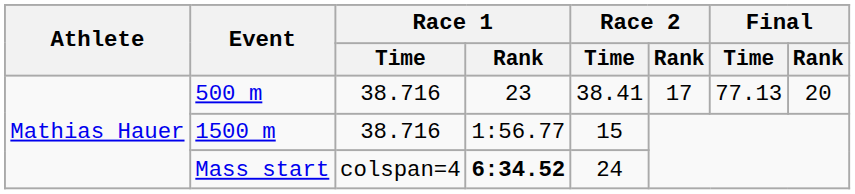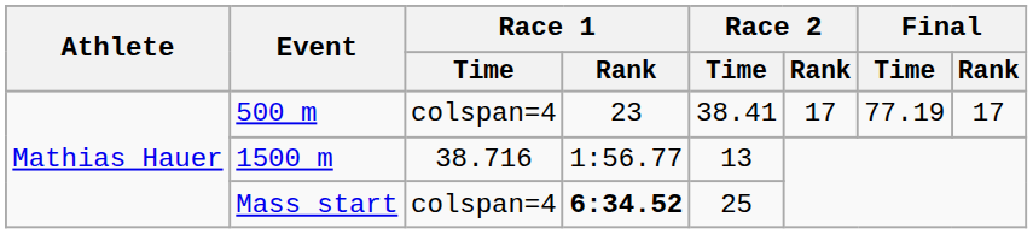 <table class="wikitable" style="font-size:90%">
 <tr>
 <th rowspan=2>Athlete</th>
 <th rowspan=2>Event</th>
 <th colspan=2>Race 1</th>
 <th colspan=2>Race 2</th>
 <th colspan=2>Final</th>
 </tr>
 <tr style="font-size:95%">
 <th>Time</th>
 <th>Rank</th>
 <th>Time</th>
 <th>Rank</th>
 <th>Time</th>
 <th>Rank</th>
 </tr>
 <tr align=center>
 <td align=left rowspan=3><a href='#'>Mathias Hauer</a></td>
 <td align=left><a href='#'>500 m</a></td>
-<td>38.716</td>
+<td>colspan=4 </td>
 <td>23</td>
 <td>38.41</td>
 <td>17</td>
-<td>77.13</td>
-<td>20</td>
+<td>77.19</td>
+<td>17</td>
 </tr>
 <tr align=center>
 <td align=left><a href='#'>1500 m</a></td>
 <td>38.716</td>
 <td>1:56.77</td>
-<td>15</td>
+<td>13</td>
 </tr>
 <tr align=center>
 <td align=left><a href='#'>Mass start</a></td>
 <td>colspan=4 </td>
 <td><strong>6:34.52</strong></td>
-<td>24</td>
+<td>25</td>
 </tr>
 </table>
